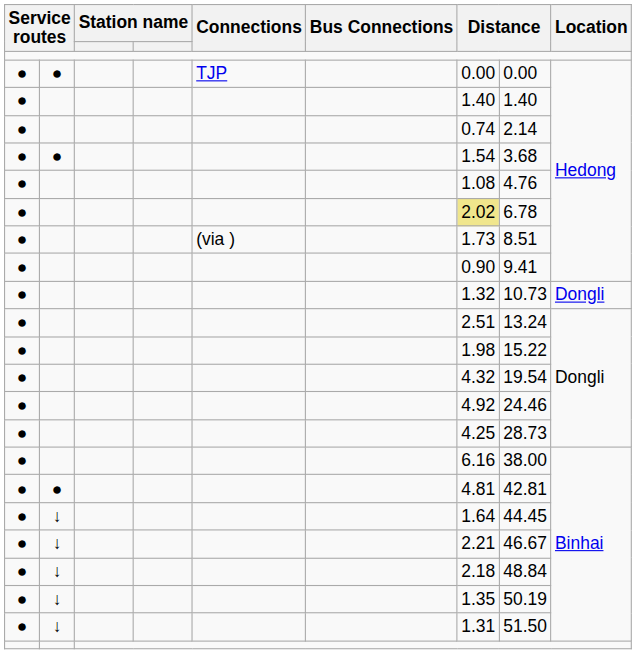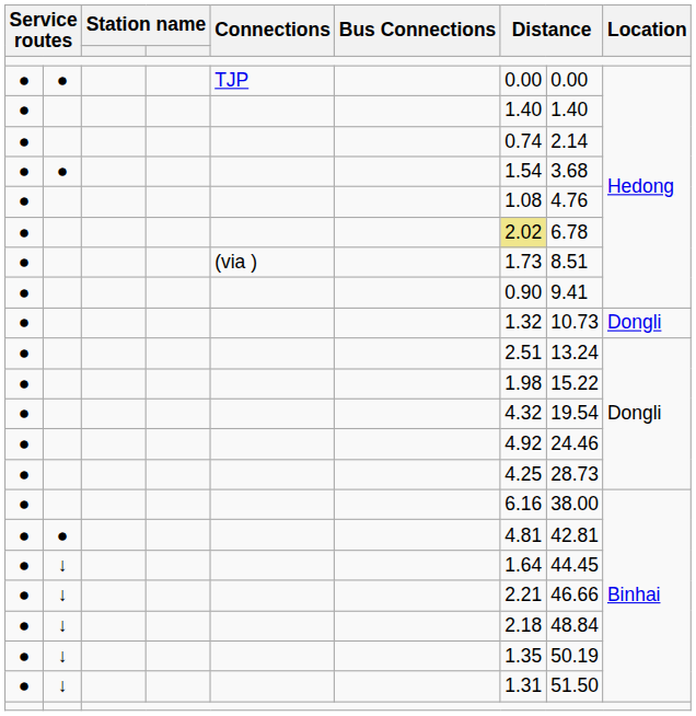 <table class="wikitable">
 <tr>
 <th colspan="2" rowspan="2">Service<br>routes</th>
 <th colspan="2">Station name</th>
 <th rowspan="2">Connections</th>
 <th rowspan="2">Bus Connections</th>
 <th colspan="2" rowspan="2">Distance<br></th>
 <th rowspan="2">Location</th>
 </tr>
 <tr>
 <th></th>
 <th></th>
 </tr>
 <tr style="background:#">
 <td colspan="9"></td>
 </tr>
 <tr>
 <td align="center">●</td>
 <td align="center">●</td>
 <td></td>
 <td></td>
 <td>   <a href='#'>TJP</a></td>
 <td></td>
 <td>0.00</td>
 <td>0.00</td>
 <td rowspan=8><a href='#'>Hedong</a></td>
 </tr>
 <tr>
 <td align="center">●</td>
 <td align="center"></td>
 <td></td>
 <td></td>
 <td></td>
 <td></td>
 <td>1.40</td>
 <td>1.40</td>
 </tr>
 <tr>
 <td align="center">●</td>
 <td align="center"></td>
 <td></td>
 <td></td>
 <td></td>
 <td></td>
 <td>0.74</td>
 <td>2.14</td>
 </tr>
 <tr>
 <td align="center">●</td>
 <td align="center">●</td>
 <td></td>
 <td></td>
 <td></td>
 <td></td>
 <td>1.54</td>
 <td>3.68</td>
 </tr>
 <tr>
 <td align="center">●</td>
 <td align="center"></td>
 <td></td>
 <td></td>
 <td></td>
 <td></td>
 <td>1.08</td>
 <td>4.76</td>
 </tr>
 <tr>
 <td align="center">●</td>
 <td align="center"></td>
 <td></td>
 <td></td>
 <td></td>
 <td></td>
 <td style="background: khaki;">2.02</td>
 <td>6.78</td>
 </tr>
 <tr>
 <td align="center">●</td>
 <td align="center"></td>
 <td></td>
 <td></td>
 <td> (via )</td>
 <td></td>
 <td>1.73</td>
 <td>8.51</td>
 </tr>
 <tr>
 <td align="center">●</td>
 <td align="center"></td>
 <td></td>
 <td></td>
 <td></td>
 <td></td>
 <td>0.90</td>
 <td>9.41</td>
 </tr>
 <tr>
 <td align="center">●</td>
 <td align="center"></td>
 <td></td>
 <td></td>
 <td></td>
 <td></td>
 <td>1.32</td>
 <td>10.73</td>
 <td><a href='#'>Dongli</a></td>
 </tr>
 <tr>
 <td align="center">●</td>
 <td align="center"></td>
 <td></td>
 <td></td>
 <td></td>
 <td></td>
 <td>2.51</td>
 <td>13.24</td>
 <td rowspan="5">Dongli</td>
 </tr>
 <tr>
 <td align="center">●</td>
 <td align="center"></td>
 <td></td>
 <td></td>
 <td></td>
 <td></td>
 <td>1.98</td>
 <td>15.22</td>
 </tr>
 <tr>
 <td align="center">●</td>
 <td align="center"></td>
 <td></td>
 <td></td>
 <td></td>
 <td></td>
 <td>4.32</td>
 <td>19.54</td>
 </tr>
 <tr>
 <td align="center">●</td>
 <td align="center"></td>
 <td></td>
 <td></td>
 <td></td>
 <td></td>
 <td>4.92</td>
 <td>24.46</td>
 </tr>
 <tr>
 <td align="center">●</td>
 <td align="center"></td>
 <td></td>
 <td></td>
 <td></td>
 <td></td>
 <td>4.25</td>
 <td>28.73</td>
 </tr>
 <tr>
 <td align="center">●</td>
 <td align="center"></td>
 <td></td>
 <td></td>
 <td></td>
 <td></td>
 <td>6.16</td>
 <td>38.00</td>
 <td rowspan="7"><a href='#'>Binhai</a></td>
 </tr>
 <tr>
 <td align="center">●</td>
 <td align="center">●</td>
 <td></td>
 <td></td>
 <td></td>
 <td></td>
 <td>4.81</td>
 <td>42.81</td>
 </tr>
 <tr>
 <td align="center">●</td>
 <td align="center">↓</td>
 <td></td>
 <td></td>
 <td></td>
 <td></td>
 <td>1.64</td>
 <td>44.45</td>
 </tr>
 <tr>
 <td align="center">●</td>
 <td align="center">↓</td>
 <td></td>
 <td></td>
 <td></td>
 <td></td>
 <td>2.21</td>
-<td>46.67</td>
+<td>46.66</td>
 </tr>
 <tr>
 <td align="center">●</td>
 <td align="center">↓</td>
 <td></td>
 <td></td>
 <td></td>
 <td></td>
 <td>2.18</td>
 <td>48.84</td>
 </tr>
 <tr>
 <td align="center">●</td>
 <td align="center">↓</td>
 <td></td>
 <td></td>
 <td></td>
 <td></td>
 <td>1.35</td>
 <td>50.19</td>
 </tr>
 <tr>
 <td align="center">●</td>
 <td align="center">↓</td>
 <td></td>
 <td></td>
 <td></td>
 <td></td>
 <td>1.31</td>
 <td>51.50</td>
 </tr>
 <tr style="background:#">
 <td></td>
 <td></td>
 <td colspan = "7"></td>
 </tr>
 </table>
